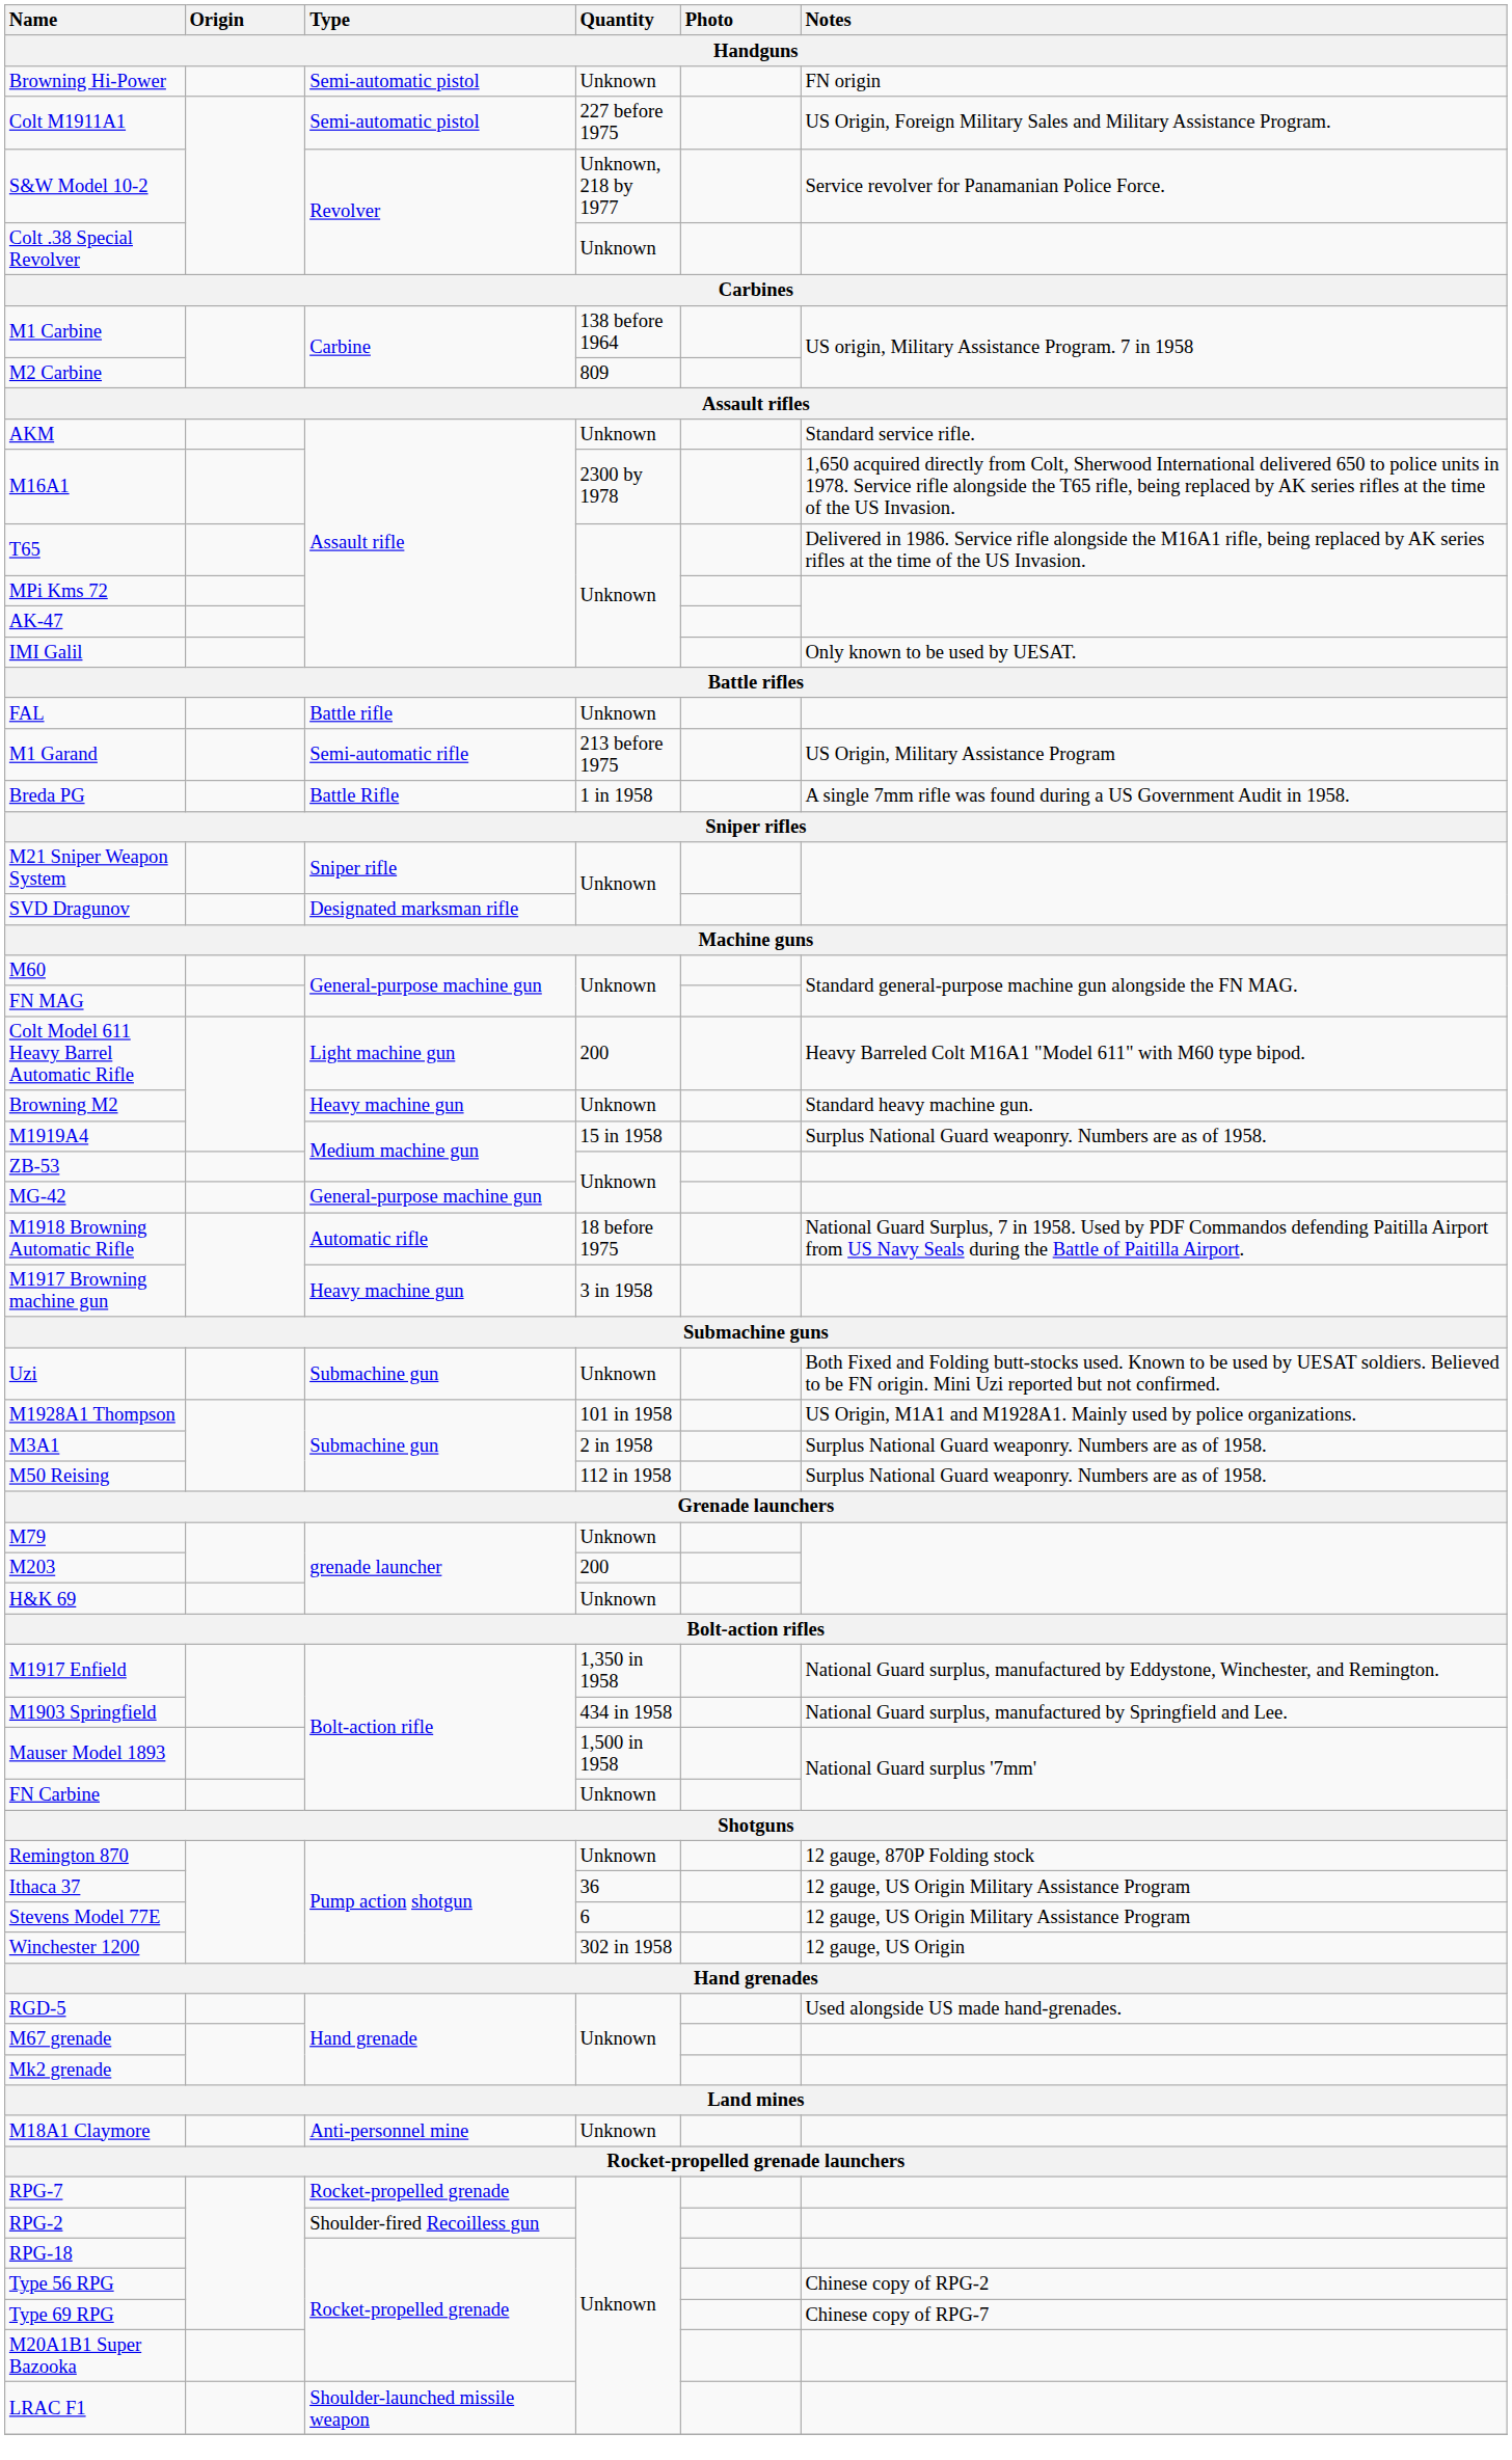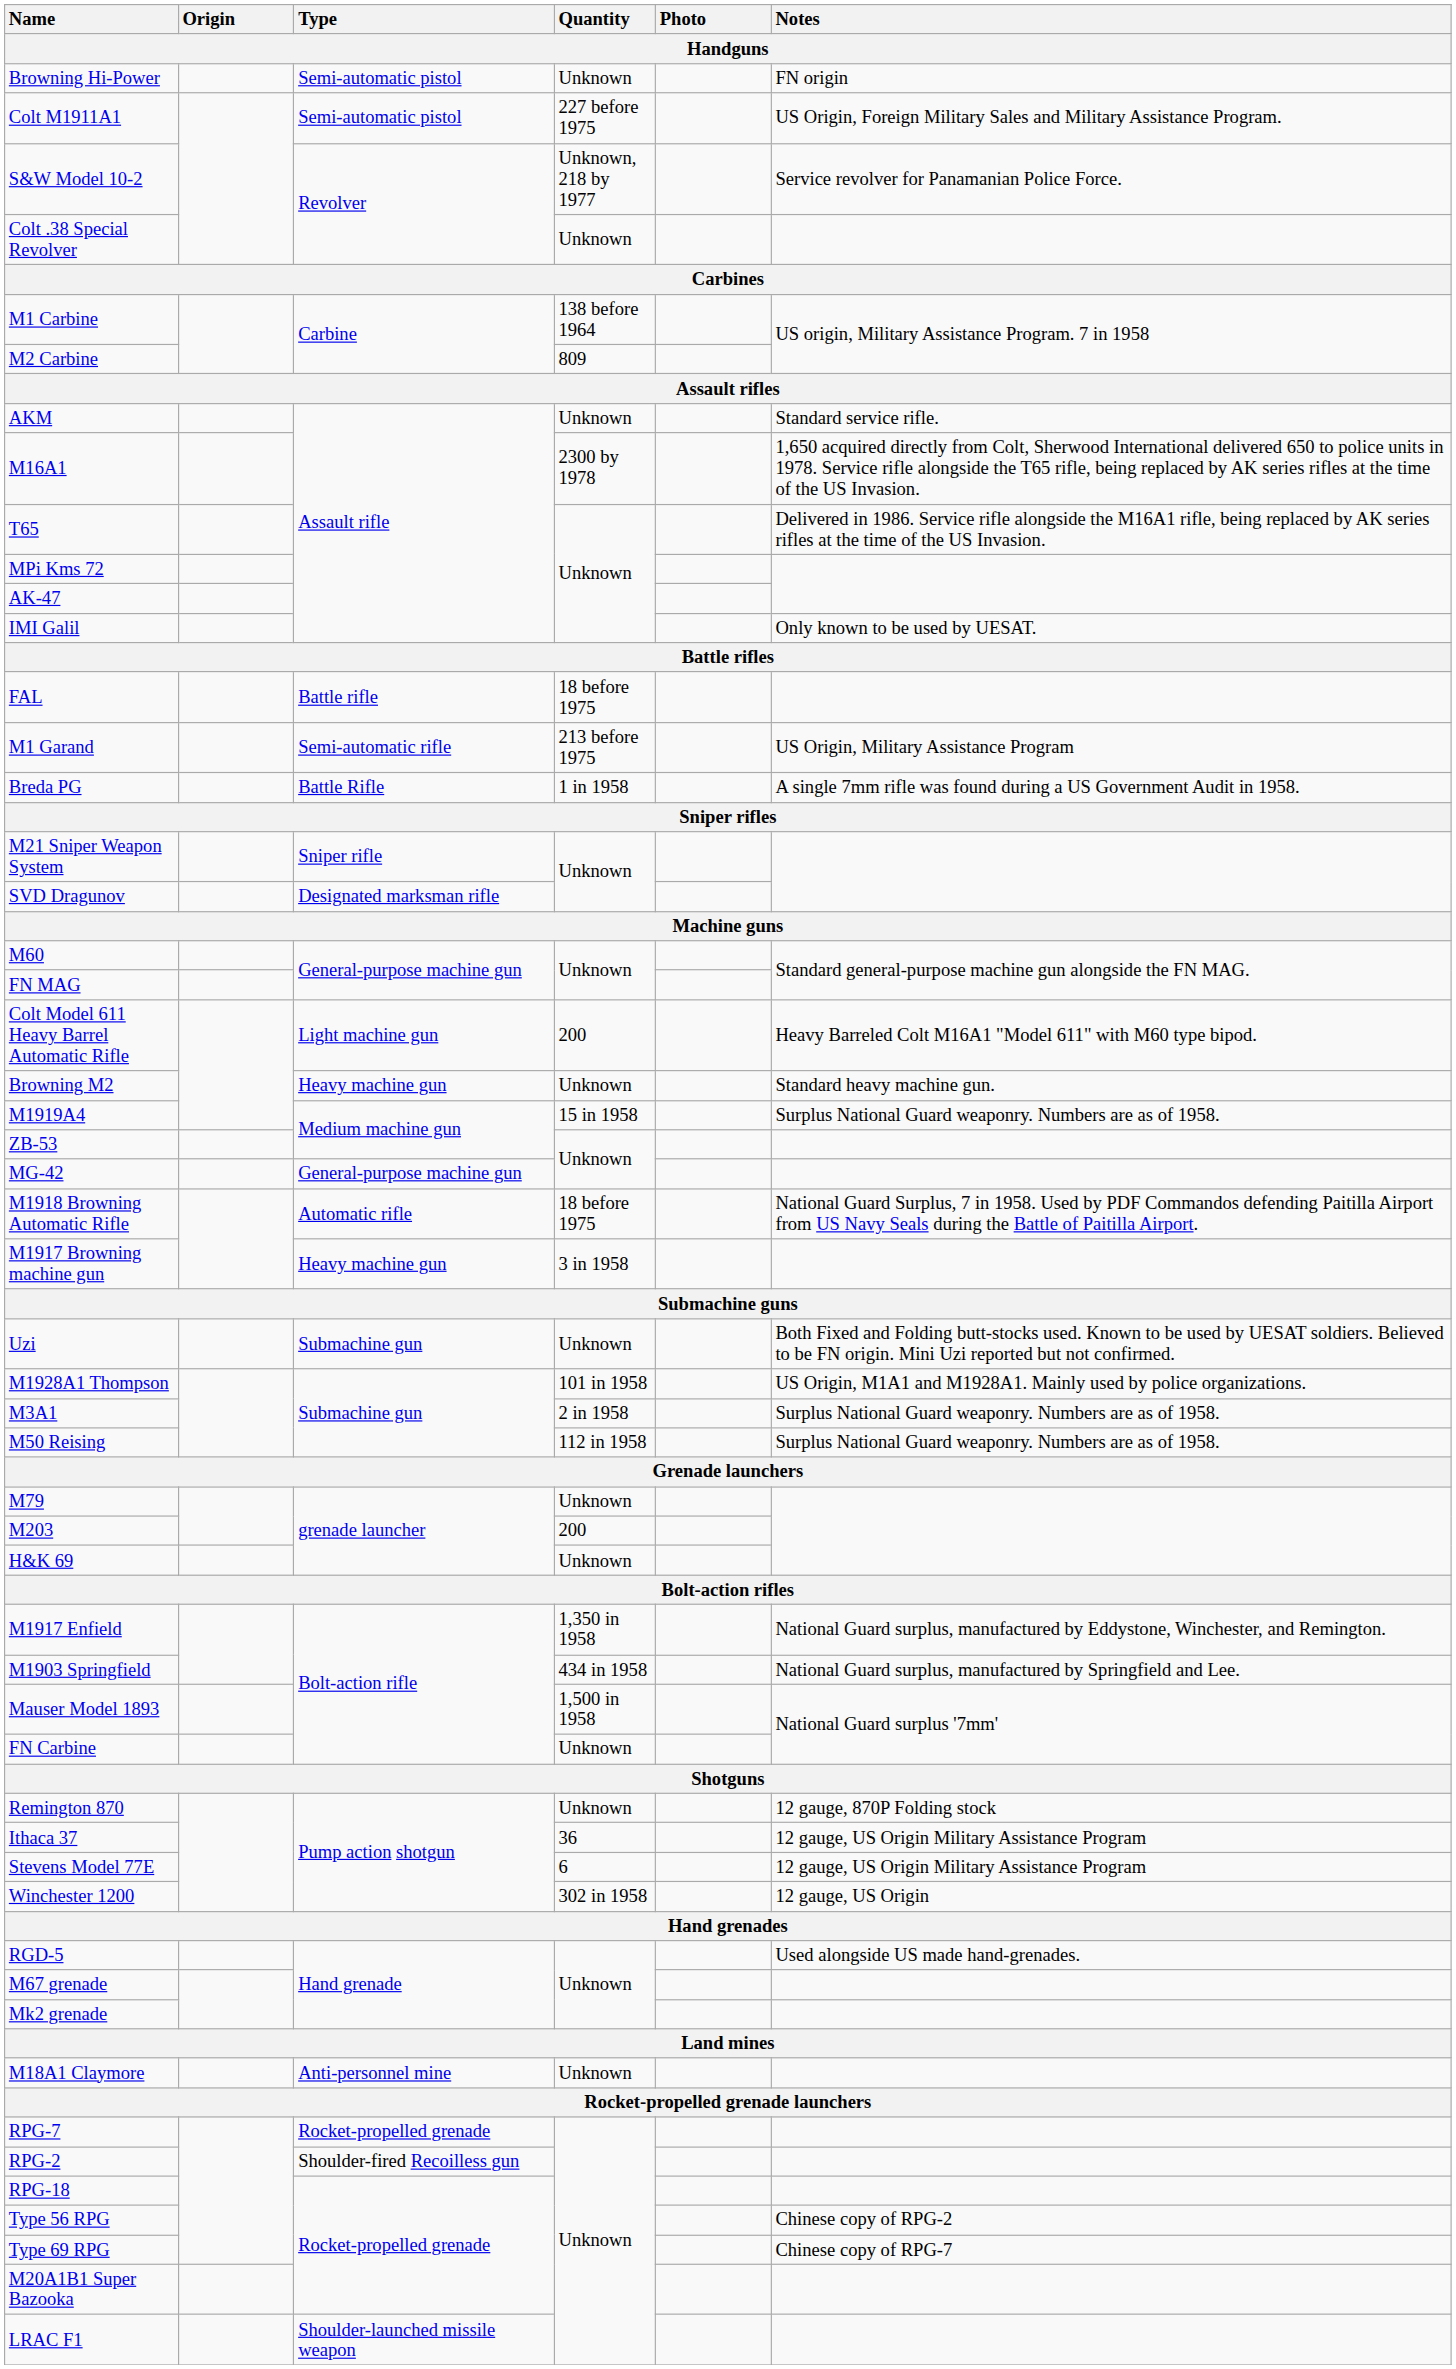 <table class="wikitable mw-collapsible">
 <tr>
 <th style="text-align: left; width:12%;">Name</th>
 <th style="text-align: left; width:8%;">Origin</th>
 <th style="text-align: left; width:18%;">Type</th>
 <th style="text-align: left; width:7%;">Quantity</th>
 <th style="text-align: left;width:8%;">Photo</th>
 <th style="text-align: left;width:47%;">Notes</th>
 </tr>
 <tr>
 <th style="align: center;" colspan="7">Handguns</th>
 </tr>
 <tr>
 <td><a href='#'>Browning Hi-Power</a></td>
 <td></td>
 <td><a href='#'>Semi-automatic pistol</a></td>
 <td>Unknown</td>
 <td></td>
 <td> FN origin</td>
 </tr>
 <tr>
 <td><a href='#'>Colt M1911A1</a></td>
 <td rowspan="3"></td>
 <td><a href='#'>Semi-automatic pistol</a></td>
 <td>227 before 1975</td>
 <td></td>
 <td> US Origin, Foreign Military Sales and Military Assistance Program.</td>
 </tr>
 <tr>
 <td><a href='#'>S&W Model 10-2</a></td>
 <td rowspan="2"><a href='#'>Revolver</a></td>
 <td>Unknown, 218 by 1977</td>
 <td></td>
 <td>Service revolver for Panamanian Police Force.</td>
 </tr>
 <tr>
 <td><a href='#'>Colt .38 Special Revolver</a></td>
 <td>Unknown</td>
 <td></td>
 <td></td>
 </tr>
 <tr>
 <th style="align: center;" colspan="7">Carbines</th>
 </tr>
 <tr>
 <td><a href='#'>M1 Carbine</a></td>
 <td rowspan="2"></td>
 <td rowspan="2"><a href='#'>Carbine</a></td>
 <td>138 before 1964</td>
 <td></td>
 <td rowspan="2">US origin, Military Assistance Program. 7 in 1958 </td>
 </tr>
 <tr>
 <td><a href='#'>M2 Carbine</a></td>
 <td>809</td>
 <td></td>
 </tr>
 <tr>
 <th style="align: center;" colspan="7">Assault rifles</th>
 </tr>
 <tr>
 <td><a href='#'>AKM</a></td>
 <td></td>
 <td rowspan="6"><a href='#'>Assault rifle</a></td>
 <td>Unknown</td>
 <td></td>
 <td>Standard service rifle.</td>
 </tr>
 <tr>
 <td><a href='#'>M16A1</a></td>
 <td></td>
 <td>2300 by 1978</td>
 <td></td>
 <td>1,650 acquired directly from Colt, Sherwood International delivered 650 to police units in 1978. Service rifle alongside the T65 rifle, being replaced by AK series rifles at the time of the US Invasion.</td>
 </tr>
 <tr>
 <td><a href='#'>T65</a></td>
 <td></td>
 <td rowspan="4">Unknown</td>
 <td></td>
 <td>Delivered in 1986. Service rifle alongside the M16A1 rifle, being replaced by AK series rifles at the time of the US Invasion.</td>
 </tr>
 <tr>
 <td><a href='#'>MPi Kms 72</a></td>
 <td></td>
 <td></td>
 <td rowspan="2"></td>
 </tr>
 <tr>
 <td><a href='#'>AK-47</a></td>
 <td></td>
 <td></td>
 </tr>
 <tr>
 <td><a href='#'>IMI Galil</a></td>
 <td></td>
 <td></td>
 <td>Only known to be used by UESAT.</td>
 </tr>
 <tr>
 <th style="align: center;" colspan="7">Battle rifles</th>
 </tr>
 <tr>
 <td><a href='#'>FAL</a></td>
 <td></td>
 <td><a href='#'>Battle rifle</a></td>
-<td>Unknown</td>
+<td>18 before 1975</td>
 <td></td>
 <td></td>
 </tr>
 <tr>
 <td><a href='#'>M1 Garand</a></td>
 <td></td>
 <td><a href='#'>Semi-automatic rifle</a></td>
 <td>213 before 1975</td>
 <td></td>
 <td>US Origin, Military Assistance Program </td>
 </tr>
 <tr>
 <td><a href='#'>Breda PG</a></td>
 <td></td>
 <td><a href='#'>Battle Rifle</a></td>
 <td>1 in 1958</td>
 <td></td>
 <td>A single 7mm rifle was found during a US Government Audit in 1958.</td>
 </tr>
 <tr>
 <th style="align: center;" colspan="7">Sniper rifles</th>
 </tr>
 <tr>
 <td><a href='#'>M21 Sniper Weapon System</a></td>
 <td></td>
 <td><a href='#'>Sniper rifle</a></td>
 <td rowspan="2">Unknown</td>
 <td></td>
 <td rowspan="2"></td>
 </tr>
 <tr>
 <td><a href='#'>SVD Dragunov</a></td>
 <td></td>
 <td><a href='#'>Designated marksman rifle</a></td>
 <td></td>
 </tr>
 <tr>
 <th style="align: center;" colspan="7">Machine guns</th>
 </tr>
 <tr>
 <td><a href='#'>M60</a></td>
 <td></td>
 <td rowspan="2"><a href='#'>General-purpose machine gun</a></td>
 <td rowspan="2">Unknown</td>
 <td></td>
 <td rowspan="2">Standard general-purpose machine gun alongside the FN MAG.</td>
 </tr>
 <tr>
 <td><a href='#'>FN MAG</a></td>
 <td></td>
 <td></td>
 </tr>
 <tr>
 <td><a href='#'>Colt Model 611 Heavy Barrel Automatic Rifle</a></td>
 <td rowspan="3"></td>
 <td><a href='#'>Light machine gun</a></td>
 <td>200</td>
 <td></td>
 <td>Heavy Barreled Colt M16A1 "Model 611" with M60 type bipod.</td>
 </tr>
 <tr>
 <td><a href='#'>Browning M2</a></td>
 <td><a href='#'>Heavy machine gun</a></td>
 <td>Unknown</td>
 <td></td>
 <td>Standard heavy machine gun.</td>
 </tr>
 <tr>
 <td><a href='#'>M1919A4</a></td>
 <td rowspan="2"><a href='#'>Medium machine gun</a></td>
 <td>15 in 1958</td>
 <td></td>
 <td>Surplus National Guard weaponry. Numbers are as of 1958.</td>
 </tr>
 <tr>
 <td><a href='#'>ZB-53</a></td>
 <td></td>
 <td rowspan="2">Unknown</td>
 <td></td>
 <td></td>
 </tr>
 <tr>
 <td><a href='#'>MG-42</a></td>
 <td></td>
 <td><a href='#'>General-purpose machine gun</a></td>
 <td></td>
 <td></td>
 </tr>
 <tr>
 <td><a href='#'>M1918 Browning Automatic Rifle</a></td>
 <td rowspan="2"></td>
 <td><a href='#'>Automatic rifle</a></td>
 <td>18 before 1975</td>
 <td></td>
 <td>National Guard Surplus, 7 in 1958. Used by PDF Commandos defending Paitilla Airport from <a href='#'>US Navy Seals</a> during the <a href='#'>Battle of Paitilla Airport</a>.</td>
 </tr>
 <tr>
 <td><a href='#'>M1917 Browning machine gun</a></td>
 <td><a href='#'>Heavy machine gun</a></td>
 <td>3 in 1958</td>
 <td></td>
 <td></td>
 </tr>
 <tr>
 <th style="align: center;" colspan="7">Submachine guns</th>
 </tr>
 <tr>
 <td><a href='#'>Uzi</a></td>
 <td></td>
 <td><a href='#'>Submachine gun</a></td>
 <td>Unknown</td>
 <td></td>
 <td>Both Fixed and Folding butt-stocks used. Known to be used by UESAT soldiers. Believed to be FN origin. Mini Uzi reported but not confirmed.</td>
 </tr>
 <tr>
 <td><a href='#'>M1928A1 Thompson</a></td>
 <td rowspan="3"></td>
 <td rowspan="3"><a href='#'>Submachine gun</a></td>
 <td>101 in 1958</td>
 <td></td>
 <td>US Origin, M1A1 and M1928A1. Mainly used by police organizations.</td>
 </tr>
 <tr>
 <td><a href='#'>M3A1</a></td>
 <td>2 in 1958</td>
 <td></td>
 <td>Surplus National Guard weaponry. Numbers are as of 1958.</td>
 </tr>
 <tr>
 <td><a href='#'>M50 Reising</a></td>
 <td>112 in 1958</td>
 <td></td>
 <td>Surplus National Guard weaponry. Numbers are as of 1958.</td>
 </tr>
 <tr>
 <th style="align: center;" colspan="7">Grenade launchers</th>
 </tr>
 <tr>
 <td><a href='#'>M79</a></td>
 <td rowspan="2"></td>
 <td rowspan="3"><a href='#'>grenade launcher</a></td>
 <td>Unknown</td>
 <td></td>
 <td rowspan="3"></td>
 </tr>
 <tr>
 <td><a href='#'>M203</a></td>
 <td>200 </td>
 <td></td>
 </tr>
 <tr>
 <td><a href='#'>H&K 69</a></td>
 <td></td>
 <td>Unknown</td>
 <td></td>
 </tr>
 <tr>
 <th style="align: center;" colspan="7">Bolt-action rifles</th>
 </tr>
 <tr>
 <td><a href='#'>M1917 Enfield</a></td>
 <td rowspan="2"></td>
 <td rowspan="4"><a href='#'>Bolt-action rifle</a></td>
 <td>1,350 in 1958</td>
 <td></td>
 <td>National Guard surplus, manufactured by Eddystone, Winchester, and Remington.</td>
 </tr>
 <tr>
 <td><a href='#'>M1903 Springfield</a></td>
 <td>434 in 1958</td>
 <td></td>
 <td>National Guard surplus, manufactured by Springfield and Lee.</td>
 </tr>
 <tr>
 <td><a href='#'>Mauser Model 1893</a></td>
 <td></td>
 <td>1,500 in 1958</td>
 <td></td>
 <td rowspan="2">National Guard surplus '7mm' </td>
 </tr>
 <tr>
 <td><a href='#'>FN Carbine</a></td>
 <td></td>
 <td>Unknown</td>
 <td></td>
 </tr>
 <tr>
 <th style="align: center;" colspan="7">Shotguns</th>
 </tr>
 <tr>
 <td><a href='#'>Remington 870</a></td>
 <td rowspan="4"></td>
 <td rowspan="4"><a href='#'>Pump action</a> <a href='#'>shotgun</a></td>
 <td>Unknown</td>
 <td></td>
 <td>12 gauge, 870P Folding stock<br></td>
 </tr>
 <tr>
 <td><a href='#'>Ithaca 37</a></td>
 <td>36</td>
 <td></td>
 <td>12 gauge, US Origin Military Assistance Program<br></td>
 </tr>
 <tr>
 <td><a href='#'>Stevens Model 77E</a></td>
 <td>6</td>
 <td></td>
 <td>12 gauge, US Origin Military Assistance Program<br></td>
 </tr>
 <tr>
 <td><a href='#'>Winchester 1200</a></td>
 <td>302 in 1958</td>
 <td></td>
 <td>12 gauge, US Origin<br></td>
 </tr>
 <tr>
 <th style="align: center;" colspan="7">Hand grenades</th>
 </tr>
 <tr>
 <td><a href='#'>RGD-5</a></td>
 <td></td>
 <td rowspan="3"><a href='#'>Hand grenade</a></td>
 <td rowspan="3">Unknown</td>
 <td></td>
 <td>Used alongside US made hand-grenades.</td>
 </tr>
 <tr>
 <td><a href='#'>M67 grenade</a></td>
 <td rowspan="2"></td>
 <td></td>
 <td></td>
 </tr>
 <tr>
 <td><a href='#'>Mk2 grenade</a></td>
 <td></td>
 <td></td>
 </tr>
 <tr>
 <th style="align: center;" colspan="7">Land mines</th>
 </tr>
 <tr>
 <td><a href='#'>M18A1 Claymore</a></td>
 <td></td>
 <td><a href='#'>Anti-personnel mine</a></td>
 <td>Unknown</td>
 <td></td>
 <td></td>
 </tr>
 <tr>
 <th style="align: center;" colspan="7">Rocket-propelled grenade launchers</th>
 </tr>
 <tr>
 <td><a href='#'>RPG-7</a></td>
 <td rowspan="5"></td>
 <td><a href='#'>Rocket-propelled grenade</a></td>
 <td rowspan="7">Unknown</td>
 <td></td>
 <td></td>
 </tr>
 <tr>
 <td><a href='#'>RPG-2</a></td>
 <td>Shoulder-fired <a href='#'>Recoilless gun</a></td>
 <td></td>
 <td></td>
 </tr>
 <tr>
 <td><a href='#'>RPG-18</a></td>
 <td rowspan="4"><a href='#'>Rocket-propelled grenade</a></td>
 <td></td>
 <td></td>
 </tr>
 <tr>
 <td><a href='#'>Type 56 RPG</a></td>
 <td></td>
 <td> Chinese copy of RPG-2</td>
 </tr>
 <tr>
 <td><a href='#'>Type 69 RPG</a></td>
 <td></td>
 <td> Chinese copy of RPG-7</td>
 </tr>
 <tr>
 <td><a href='#'>M20A1B1 Super Bazooka</a></td>
 <td></td>
 <td></td>
 <td></td>
 </tr>
 <tr>
 <td><a href='#'>LRAC F1</a></td>
 <td></td>
 <td><a href='#'>Shoulder-launched missile weapon</a></td>
 <td></td>
 <td></td>
 </tr>
 <tr>
 </tr>
 </table>
